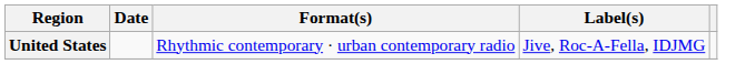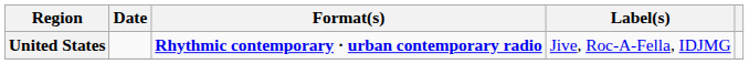 <table class="wikitable plainrowheaders" style="text-align:left">
 <tr>
 <th scope="col">Region</th>
 <th scope="col">Date</th>
 <th scope="col">Format(s)</th>
 <th scope="col">Label(s)</th>
 <th scope="col"></th>
 </tr>
 <tr>
 <th scope="row">United States</th>
 <td></td>
-<td><a href='#'>Rhythmic contemporary</a> · <a href='#'>urban contemporary radio</a></td>
+<td><strong><a href='#'>Rhythmic contemporary</a> · <a href='#'>urban contemporary radio</a></strong></td>
 <td><a href='#'>Jive</a>, <a href='#'>Roc-A-Fella</a>, <a href='#'>IDJMG</a></td>
 <td></td>
 </tr>
 <tr>
 </tr>
 </table>
